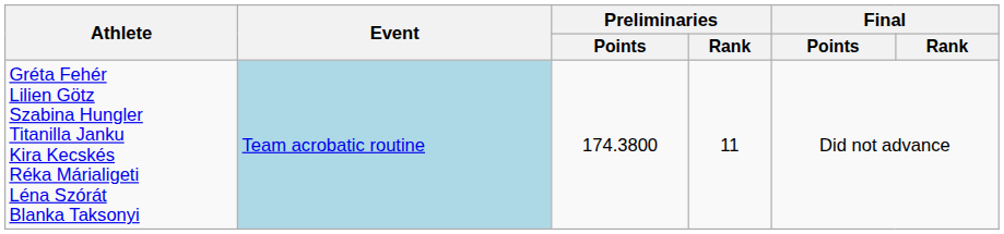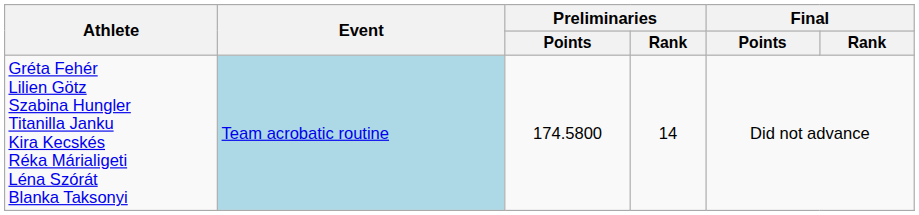 <table class="wikitable" style="text-align:center; font-size:90%; width:50%;">
 <tr>
 <th rowspan="2">Athlete</th>
 <th rowspan="2">Event</th>
 <th colspan="2">Preliminaries</th>
 <th colspan="2">Final</th>
 </tr>
 <tr style="font-size:95%">
 <th>Points</th>
 <th>Rank</th>
 <th>Points</th>
 <th>Rank</th>
 </tr>
 <tr>
 <td align=left><a href='#'>Gréta Fehér</a><br><a href='#'>Lilien Götz</a><br><a href='#'>Szabina Hungler</a><br><a href='#'>Titanilla Janku</a><br><a href='#'>Kira Kecskés</a><br><a href='#'>Réka Márialigeti</a><br><a href='#'>Léna Szórát</a><br><a href='#'>Blanka Taksonyi</a></td>
 <td align=left style="background: lightblue;"><a href='#'>Team acrobatic routine</a></td>
-<td>174.3800</td>
-<td>11</td>
+<td>174.5800</td>
+<td>14</td>
 <td colspan=2>Did not advance</td>
 </tr>
 </table>
